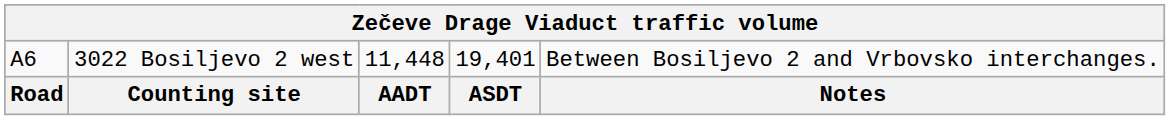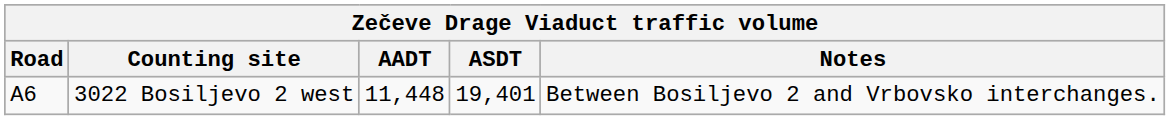 <table class="wikitable">
 <tr>
 <td colspan=5 style="background:#f2f2f2;" align=center style=margin-top:15><strong>Zečeve Drage Viaduct traffic volume</strong></td>
+</tr>
+<tr>
+<td align=center style="background:#f2f2f2;"><strong>Road</strong></td>
+<td align=center style="background:#f2f2f2;"><strong>Counting site</strong></td>
+<td align=center style="background:#f2f2f2;"><strong>AADT</strong></td>
+<td align=center style="background:#f2f2f2;"><strong>ASDT</strong></td>
+<td align=center style="background:#f2f2f2;"><strong>Notes</strong></td>
 </tr>
 <tr>
 <td> A6</td>
 <td>3022 Bosiljevo 2 west</td>
 <td align=center>11,448</td>
 <td align=center>19,401</td>
 <td>Between Bosiljevo 2 and Vrbovsko interchanges.</td>
 </tr>
-<tr>
-<td align=center style="background:#f2f2f2;"><strong>Road</strong></td>
-<td align=center style="background:#f2f2f2;"><strong>Counting site</strong></td>
-<td align=center style="background:#f2f2f2;"><strong>AADT</strong></td>
-<td align=center style="background:#f2f2f2;"><strong>ASDT</strong></td>
-<td align=center style="background:#f2f2f2;"><strong>Notes</strong></td>
-</tr>
 </table>
